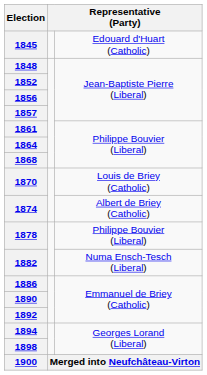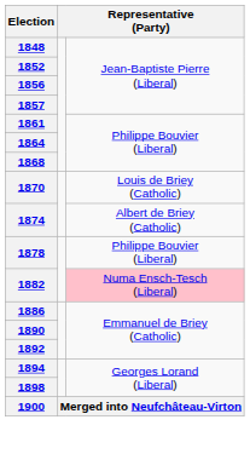 <table class="wikitable" style="text-align:center">
 <tr>
 <th>Election</th>
 <th colspan=2>Representative<br>(Party)</th>
-</tr>
-<tr>
-<th><a href='#'>1845</a></th>
-<td rowspan=1; style="background-color: "></td>
-<td rowspan=1><a href='#'>Edouard d'Huart</a><br>(<a href='#'>Catholic</a>)</td>
 </tr>
 <tr>
 <th><a href='#'>1848</a></th>
 <td rowspan=7; style="background-color: "></td>
 <td rowspan=4><a href='#'>Jean-Baptiste Pierre</a><br>(<a href='#'>Liberal</a>)</td>
 </tr>
 <tr>
 <th><a href='#'>1852</a></th>
 </tr>
 <tr>
 <th><a href='#'>1856</a></th>
 </tr>
 <tr>
 <th><a href='#'>1857</a></th>
 </tr>
 <tr>
 <th><a href='#'>1861</a></th>
 <td rowspan=3><a href='#'>Philippe Bouvier</a><br>(<a href='#'>Liberal</a>)</td>
 </tr>
 <tr>
 <th><a href='#'>1864</a></th>
 </tr>
 <tr>
 <th><a href='#'>1868</a></th>
 </tr>
 <tr>
 <th><a href='#'>1870</a></th>
 <td rowspan=2; style="background-color: "></td>
 <td rowspan=1><a href='#'>Louis de Briey</a><br>(<a href='#'>Catholic</a>)</td>
 </tr>
 <tr>
 <th><a href='#'>1874</a></th>
 <td rowspan=1><a href='#'>Albert de Briey</a><br>(<a href='#'>Catholic</a>)</td>
 </tr>
 <tr>
 <th><a href='#'>1878</a></th>
 <td rowspan=2; style="background-color: "></td>
 <td rowspan=1><a href='#'>Philippe Bouvier</a><br>(<a href='#'>Liberal</a>)</td>
 </tr>
 <tr>
 <th><a href='#'>1882</a></th>
-<td rowspan=1><a href='#'>Numa Ensch-Tesch</a><br>(<a href='#'>Liberal</a>)</td>
+<td rowspan=1 style="background: pink;"><a href='#'>Numa Ensch-Tesch</a><br>(<a href='#'>Liberal</a>)</td>
 </tr>
 <tr>
 <th><a href='#'>1886</a></th>
 <td rowspan=3; style="background-color: "></td>
 <td rowspan=3><a href='#'>Emmanuel de Briey</a><br>(<a href='#'>Catholic</a>)</td>
 </tr>
 <tr>
 <th><a href='#'>1890</a></th>
 </tr>
 <tr>
 <th><a href='#'>1892</a></th>
 </tr>
 <tr>
 <th><a href='#'>1894</a></th>
 <td rowspan=2; style="background-color: "></td>
 <td rowspan=2><a href='#'>Georges Lorand</a><br>(<a href='#'>Liberal</a>)</td>
 </tr>
 <tr>
 <th><a href='#'>1898</a></th>
 </tr>
 <tr>
 <th><a href='#'>1900</a></th>
 <th colspan=2>Merged into <a href='#'>Neufchâteau-Virton</a></th>
 </tr>
 </table>
